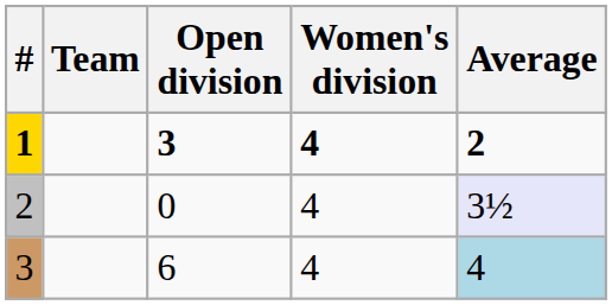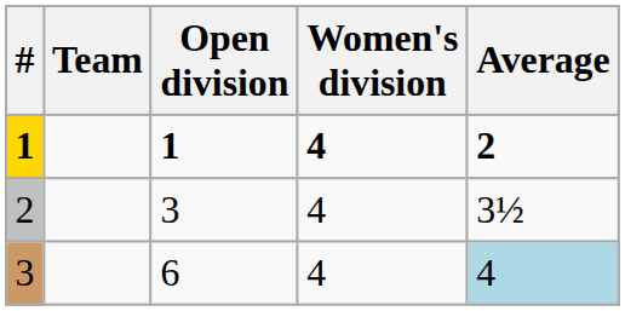 <table class="wikitable" style="font-size: 95%;">
 <tr>
 <th>#</th>
 <th>Team</th>
 <th>Open<br>division</th>
 <th>Women's<br>division</th>
 <th>Average</th>
 </tr>
 <tr>
 <td style="background:gold;"><strong>1</strong></td>
 <td><strong></strong></td>
-<td><strong>3</strong></td>
+<td><strong>1</strong></td>
 <td><strong>4</strong></td>
 <td><strong>2</strong></td>
 </tr>
 <tr>
 <td style="background:silver;">2</td>
 <td></td>
-<td>0</td>
+<td>3</td>
 <td>4</td>
-<td style="background: lavender;">3½</td>
+<td>3½</td>
 </tr>
 <tr>
 <td style="background:#cc9966;">3</td>
 <td></td>
 <td>6</td>
 <td>4</td>
 <td style="background: lightblue;">4</td>
 </tr>
 </table>
